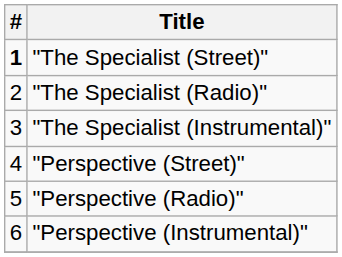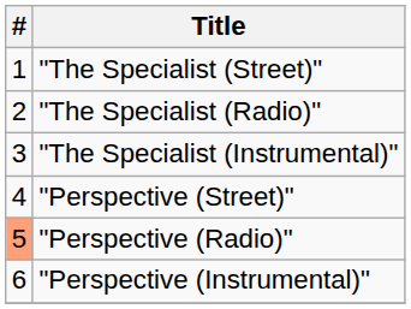 <table class="wikitable">
 <tr>
 <th>#</th>
 <th>Title</th>
 </tr>
 <tr>
-<td><strong>1</strong></td>
+<td>1</td>
 <td>"The Specialist (Street)"</td>
 </tr>
 <tr>
 <td>2</td>
 <td>"The Specialist (Radio)"</td>
 </tr>
 <tr>
 <td>3</td>
 <td>"The Specialist (Instrumental)"</td>
 </tr>
 <tr>
 <td>4</td>
 <td>"Perspective (Street)"</td>
 </tr>
 <tr>
-<td>5</td>
+<td style="background: lightsalmon;">5</td>
 <td>"Perspective (Radio)"</td>
 </tr>
 <tr>
 <td>6</td>
 <td>"Perspective (Instrumental)"</td>
 </tr>
 <tr>
 </tr>
 </table>
